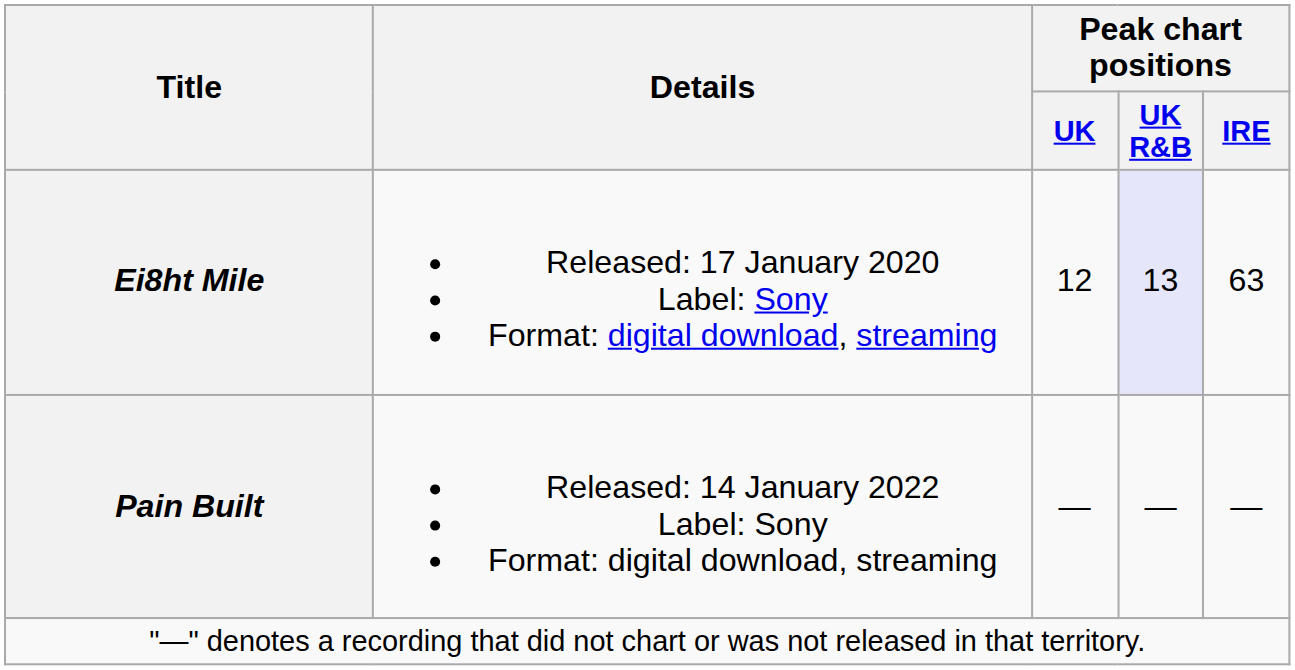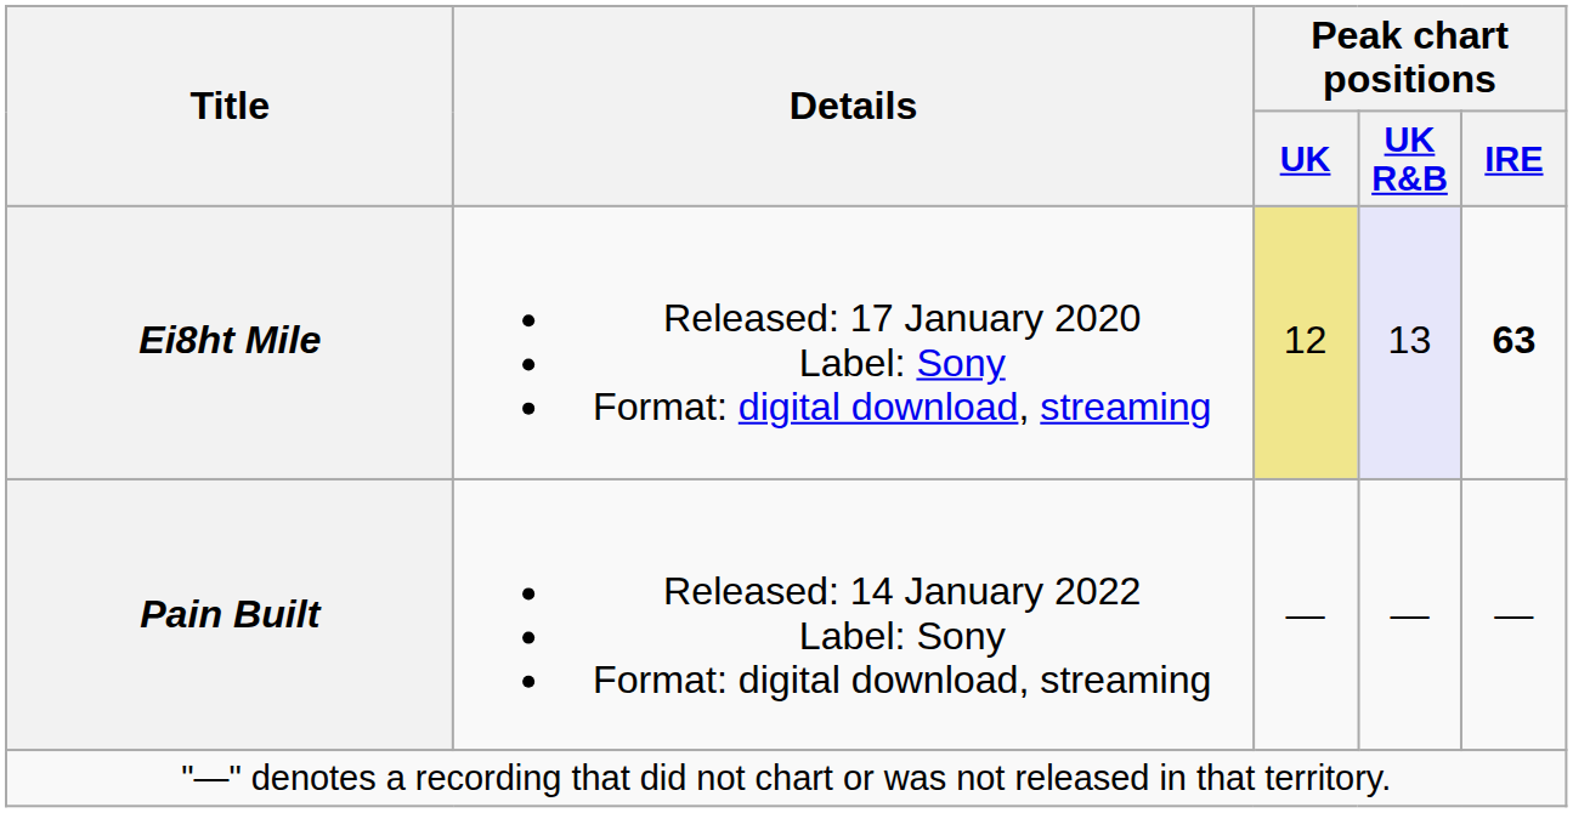 <table class="wikitable plainrowheaders" style="text-align:center;">
 <tr>
 <th scope="col" rowspan="2" style="width:11em;">Title</th>
 <th scope="col" rowspan="2" style="width:20em;">Details</th>
 <th scope="col" colspan="3">Peak chart positions</th>
 </tr>
 <tr>
 <th scope="col" style="width:2.5em;font-size:90%;"><a href='#'>UK</a><br></th>
 <th scope="col" style="width:2.5em;font-size:90%;"><a href='#'>UK R&B</a><br></th>
 <th scope="col" style="width:2.5em;font-size:90%;"><a href='#'>IRE</a><br></th>
 </tr>
 <tr>
 <th scope="row"><em>Ei8ht Mile</em></th>
 <td><br><ul><li>Released: 17 January 2020</li><li>Label: <a href='#'>Sony</a></li><li>Format: <a href='#'>digital download</a>, <a href='#'>streaming</a></li></ul></td>
-<td>12</td>
+<td style="background: khaki;">12</td>
 <td style="background: lavender;">13</td>
-<td>63</td>
+<td><strong>63</strong></td>
 </tr>
 <tr>
 <th scope="row"><em>Pain Built</em></th>
 <td><br><ul><li>Released: 14 January 2022</li><li>Label: Sony</li><li>Format: digital download, streaming</li></ul></td>
 <td>—</td>
 <td>—</td>
 <td>—</td>
 </tr>
 <tr>
 <td colspan="6" style="font-size:90%">"—" denotes a recording that did not chart or was not released in that territory.</td>
 </tr>
 </table>
